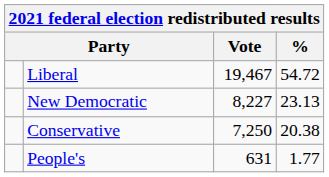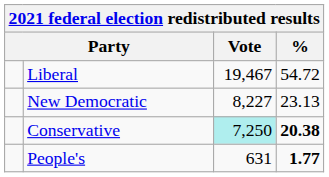 <table class="wikitable">
 <tr>
 <th colspan="4"><a href='#'>2021 federal election</a> redistributed results</th>
 </tr>
 <tr>
 <th bgcolor="#DDDDFF" width="130px" colspan="2">Party</th>
 <th bgcolor="#DDDDFF" width="50px">Vote</th>
 <th bgcolor="#DDDDFF" width="30px">%</th>
 </tr>
 <tr>
 <td> </td>
 <td><a href='#'>Liberal</a></td>
 <td align=right>19,467</td>
 <td align=right>54.72</td>
 </tr>
 <tr>
 <td> </td>
 <td><a href='#'>New Democratic</a></td>
 <td align=right>8,227</td>
 <td align=right>23.13</td>
 </tr>
 <tr>
 <td> </td>
 <td><a href='#'>Conservative</a></td>
-<td align=right>7,250</td>
-<td align=right>20.38</td>
+<td align=right style="background: paleturquoise;">7,250</td>
+<td align=right><strong>20.38</strong></td>
 </tr>
 <tr>
 <td> </td>
 <td><a href='#'>People's</a></td>
 <td align=right>631</td>
-<td align=right>1.77</td>
+<td align=right><strong>1.77</strong></td>
 </tr>
 </table>
